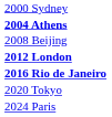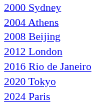 <table>
 <tr>
 <td><a href='#'>2000 Sydney</a><br></td>
 <td></td>
 <td></td>
 <td></td>
 </tr>
 <tr>
-<td><strong><a href='#'>2004 Athens</a><br></strong></td>
+<td><a href='#'>2004 Athens</a><br></td>
 <td></td>
 <td></td>
 <td></td>
 </tr>
 <tr>
 <td><a href='#'>2008 Beijing</a><br></td>
 <td></td>
 <td></td>
 <td></td>
 </tr>
 <tr>
-<td><strong><a href='#'>2012 London</a><br></strong></td>
+<td><a href='#'>2012 London</a><br></td>
 <td></td>
 <td></td>
 <td></td>
 </tr>
 <tr>
-<td><strong><a href='#'>2016 Rio de Janeiro</a><br></strong></td>
+<td><a href='#'>2016 Rio de Janeiro</a><br></td>
 <td></td>
 <td></td>
 <td></td>
 </tr>
 <tr>
 <td><a href='#'>2020 Tokyo</a><br></td>
 <td></td>
 <td></td>
 <td></td>
 </tr>
 <tr>
 <td><a href='#'>2024 Paris</a> <br></td>
 <td></td>
 <td></td>
 <td></td>
 </tr>
 <tr>
 </tr>
 </table>
